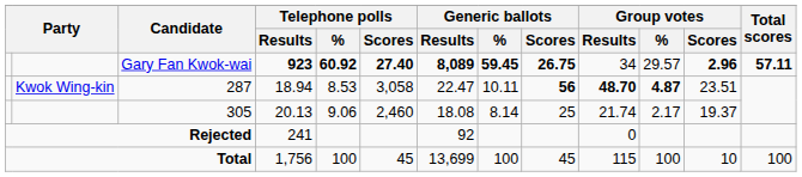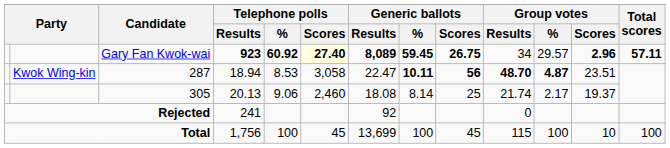 <table class="wikitable" style="text-align:right">
 <tr>
 </tr>
 <tr>
 <th colspan=2 rowspan=2>Party</th>
 <th rowspan=2>Candidate</th>
 <th colspan=3>Telephone polls</th>
 <th colspan=3>Generic ballots</th>
 <th colspan=3>Group votes</th>
 <th rowspan=2>Total<br>scores</th>
 </tr>
 <tr>
 <th>Results</th>
 <th>%</th>
 <th>Scores</th>
 <th>Results</th>
 <th>%</th>
 <th>Scores</th>
 <th>Results</th>
 <th>%</th>
 <th>Scores</th>
 </tr>
 <tr>
 <td></td>
 <td align=left></td>
 <td align=left><a href='#'>Gary Fan Kwok-wai</a></td>
 <td><strong>923</strong></td>
 <td><strong>60.92</strong></td>
-<td><strong>27.40</strong></td>
+<td style="background: lightyellow;"><strong>27.40</strong></td>
 <td><strong>8,089</strong></td>
 <td><strong>59.45</strong></td>
 <td><strong>26.75</strong></td>
 <td>34</td>
 <td>29.57</td>
 <td><strong>2.96</strong></td>
 <td><strong>57.11</strong></td>
 </tr>
 <tr>
 <td></td>
 <td align=left><a href='#'>Kwok Wing-kin</a></td>
 <td>287</td>
 <td>18.94</td>
 <td>8.53</td>
 <td>3,058</td>
 <td>22.47</td>
-<td>10.11</td>
+<td><strong>10.11</strong></td>
 <td><strong>56</strong></td>
 <td><strong>48.70</strong></td>
 <td><strong>4.87</strong></td>
 <td>23.51</td>
 </tr>
 <tr>
 <td></td>
 <td align=left></td>
 <td>305</td>
 <td>20.13</td>
 <td>9.06</td>
 <td>2,460</td>
 <td>18.08</td>
 <td>8.14</td>
 <td>25</td>
 <td>21.74</td>
 <td>2.17</td>
 <td>19.37</td>
 </tr>
 <tr>
 <td colspan=3><strong>Rejected</strong></td>
 <td>241</td>
 <td></td>
 <td></td>
 <td>92</td>
 <td></td>
 <td></td>
 <td>0</td>
 <td></td>
 <td></td>
 <td></td>
 </tr>
 <tr>
 <td colspan=3><strong>Total</strong></td>
 <td>1,756</td>
 <td>100</td>
 <td>45</td>
 <td>13,699</td>
 <td>100</td>
 <td>45</td>
 <td>115</td>
 <td>100</td>
 <td>10</td>
 <td>100</td>
 </tr>
 </table>
